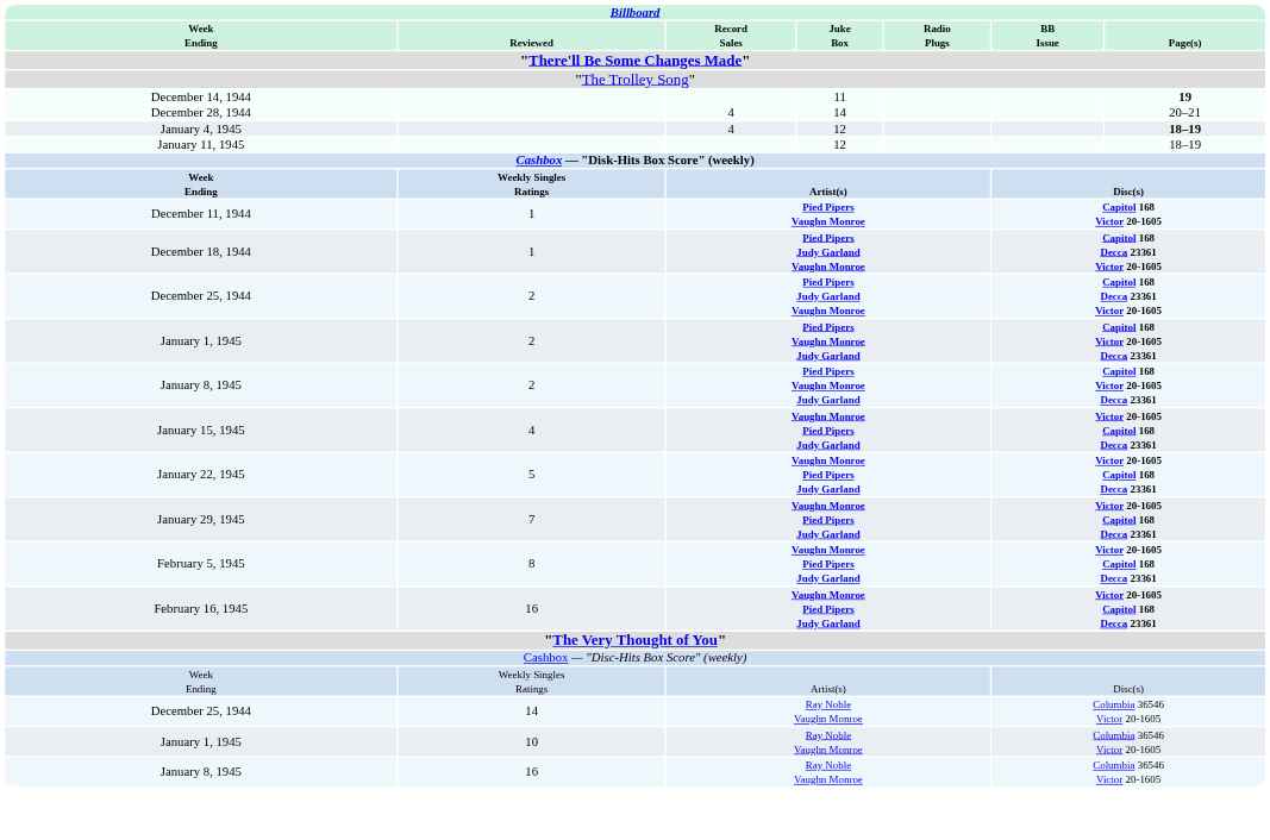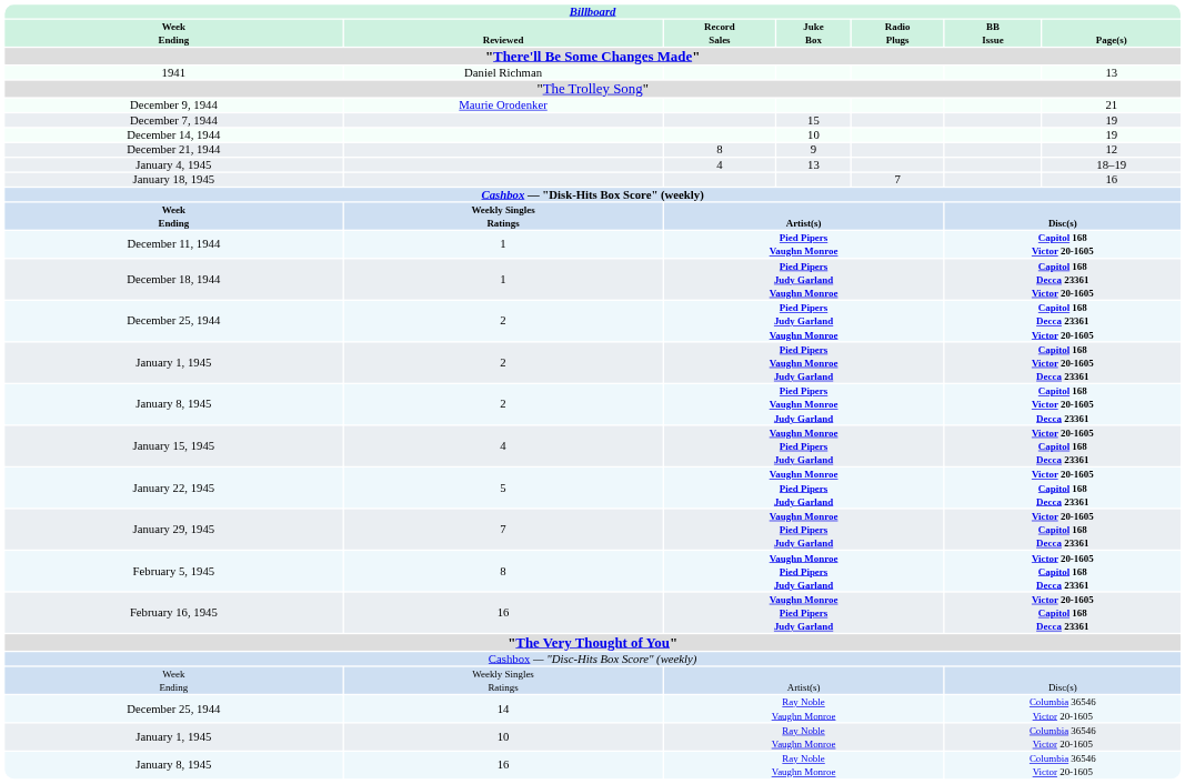 <table width="100%" border="0" cellpadding="0" style="border:0px solid #A3B1BF; ">
 <tr style="vertical-align:bottom; text-align:center;">
 <td colspan=7 style="background:#cef2e0; border:0px solid #a3bfb1; border-radius: 12px 12px 0px 0px;"><strong><em><a href='#'>Billboard</a></em></strong></td>
 </tr>
 <tr style="vertical-align:bottom; text-align:center;">
 <td style="background:#cef2e0;"><strong><small>Week<br>Ending</small></strong></td>
 <td style="color:black; background:#cef2e0;"><strong><small>Reviewed</small></strong></td>
 <td style="color:black; background:#cef2e0;"><strong><small>Record<br>Sales</small></strong></td>
 <td style="color:black; background:#cef2e0;"><strong><small>Juke<br>Box</small></strong></td>
 <td style="color:black; background:#cef2e0;"><strong><small>Radio<br>Plugs</small></strong></td>
 <td style="color:black; background:#cef2e0;"><strong><small>BB<br>Issue</small></strong></td>
 <td style="color:black; background:#cef2e0;"><strong><small>Page(s)</small></strong></td>
 </tr>
 <tr style="vertical-align:bottom; text-align:center;">
 <td colspan=7 style="color: black; background:#ddd"><strong><big>"<a href='#'>There'll Be Some Changes Made</a>"</big><em></td>
 </tr>
 <tr style="vertical-align:bottom; text-align:center;">
+<td style="color:black; background:#f5fffa;">1941</td>
+<td style="color:black; background:#f5fffa;">Daniel Richman</td>
+<td style="color:black; background:#f5fffa;"></td>
+<td style="color:black; background:#f5fffa;"></td>
+<td style="color:black; background:#f5fffa;"></td>
+<td style="color:black; background:#f5fffa;"></td>
+<td style="color:black; background:#f5fffa;">13</td>
+</tr>
+<tr style="vertical-align:bottom; text-align:center;">
 <td colspan=7 style="color: black; background:#ddd; border-radius: 0px 0px 0px 0px;"></strong><big>"<a href='#'>The Trolley Song</a>"</big><strong></td>
+</tr>
+<tr style="vertical-align:bottom; text-align:center;">
+<td style="color:black; background:#f5fffa;">December 9, 1944</td>
+<td style="color:black; background:#f5fffa;"><a href='#'>Maurie Orodenker</a></td>
+<td style="color:black; background:#f5fffa;"></td>
+<td style="color:black; background:#f5fffa;"></td>
+<td style="color:black; background:#f5fffa;"></td>
+<td style="color:black; background:#f5fffa;"></td>
+<td style="color:black; background:#f5fffa;">21</td>
+</tr>
+<tr style="vertical-align:bottom; text-align:center;">
+<td style="color:black; background:#eaeef2;">December 7, 1944</td>
+<td style="color:black; background:#eaeef2;"></td>
+<td style="color:black; background:#eaeef2;"></td>
+<td style="color:black; background:#eaeef2;">15</td>
+<td style="color:black; background:#eaeef2;"></td>
+<td style="color:black; background:#eaeef2;"></td>
+<td style="color:black; background:#eaeef2;">19</td>
 </tr>
 <tr style="vertical-align:bottom; text-align:center;">
 <td style="color:black; background:#f5fffa;">December 14, 1944</td>
 <td style="color:black; background:#f5fffa;"></td>
 <td style="color:black; background:#f5fffa;"></td>
-<td style="color:black; background:#f5fffa;">11</td>
+<td style="color:black; background:#f5fffa;">10</td>
 <td style="color:black; background:#f5fffa;"></td>
 <td style="color:black; background:#f5fffa;"></td>
-<td style="color:black; background:#f5fffa;"><strong>19</strong></td>
+<td style="color:black; background:#f5fffa;">19</td>
 </tr>
 <tr style="vertical-align:bottom; text-align:center;">
-<td style="color:black; background:#f5fffa;">December 28, 1944</td>
-<td style="color:black; background:#f5fffa;"></td>
-<td style="color:black; background:#f5fffa;">4</td>
-<td style="color:black; background:#f5fffa;">14</td>
-<td style="color:black; background:#f5fffa;"></td>
-<td style="color:black; background:#f5fffa;"></td>
-<td style="color:black; background:#f5fffa;">20–21</td>
+<td style="color:black; background:#eaeef2;">December 21, 1944</td>
+<td style="color:black; background:#eaeef2;"></td>
+<td style="color:black; background:#eaeef2;">8</td>
+<td style="color:black; background:#eaeef2;">9</td>
+<td style="color:black; background:#eaeef2;"></td>
+<td style="color:black; background:#eaeef2;"></td>
+<td style="color:black; background:#eaeef2;">12</td>
 </tr>
 <tr style="vertical-align:bottom; text-align:center;">
 <td style="color:black; background:#eaeef2;">January 4, 1945</td>
 <td style="color:black; background:#eaeef2;"></td>
 <td style="color:black; background:#eaeef2;">4</td>
-<td style="color:black; background:#eaeef2;">12</td>
+<td style="color:black; background:#eaeef2;">13</td>
 <td style="color:black; background:#eaeef2;"></td>
 <td style="color:black; background:#eaeef2;"></td>
-<td style="color:black; background:#eaeef2;"><strong>18–19</strong></td>
+<td style="color:black; background:#eaeef2;">18–19</td>
 </tr>
 <tr style="vertical-align:bottom; text-align:center;">
-<td style="color:black; background:#f5fffa;">January 11, 1945</td>
-<td style="color:black; background:#f5fffa;"></td>
-<td style="color:black; background:#f5fffa;"></td>
-<td style="color:black; background:#f5fffa;">12</td>
-<td style="color:black; background:#f5fffa;"></td>
-<td style="color:black; background:#f5fffa;"></td>
-<td style="color:black; background:#f5fffa;">18–19</td>
+<td style="color:black; background:#eaeef2;">January 18, 1945</td>
+<td style="color:black; background:#eaeef2;"></td>
+<td style="color:black; background:#eaeef2;"></td>
+<td style="color:black; background:#eaeef2;"></td>
+<td style="color:black; background:#eaeef2;">7</td>
+<td style="color:black; background:#eaeef2;"></td>
+<td style="color:black; background:#eaeef2;">16</td>
 </tr>
 <tr style="vertical-align:bottom; text-align:center;">
 <td colspan=7 style="background:#cedff2;"><strong><em><a href='#'>Cashbox</a></em> — "Disk-Hits Box Score" (weekly)</strong></td>
 </tr>
 <tr style="vertical-align:bottom; text-align:center;">
 <td style="color:black; background:#cedff2;"><strong><small>Week<br>Ending</small></strong></td>
 <td style="color:black; background:#cedff2;"><strong><small>Weekly Singles<br>Ratings</small></strong></td>
 <td colspan=3 style="color: black; background:#cedff2"><strong><small>Artist(s)</small></strong></td>
 <td colspan=2 style="color: black; background:#cedff2"><strong><small>Disc(s)</small></strong></td>
 </tr>
 <tr style="text-align:center;">
 <td style="color: black; background:#EEF8FC">December 11, 1944</td>
 <td style="color: black; background:#EEF8FC">1</td>
 <td colspan=3 style="color: black; background:#EEF8FC"><strong><small><a href='#'>Pied Pipers</a><br><a href='#'>Vaughn Monroe</a></small></strong></td>
 <td colspan=2 style="color: black; background:#EEF8FC"><strong><small><a href='#'>Capitol</a> 168<br><a href='#'>Victor</a> 20-1605</small></strong></td>
 </tr>
 <tr style="text-align:center;">
 <td style="color: black; background:#EAEEF2">December 18, 1944</td>
 <td style="color: black; background:#EAEEF2">1</td>
 <td colspan=3 style="color: black; background:#EAEEF2"><strong><small><a href='#'>Pied Pipers</a><br><a href='#'>Judy Garland</a><br><a href='#'>Vaughn Monroe</a></small></strong></td>
 <td colspan=2 style="color: black; background:#EAEEF2"><strong><small><a href='#'>Capitol</a> 168<br><a href='#'>Decca</a> 23361<br><a href='#'>Victor</a> 20-1605</small></strong></td>
 </tr>
 <tr style="text-align:center;">
 <td style="color: black; background:#EEF8FC">December 25, 1944</td>
 <td style="color: black; background:#EEF8FC">2</td>
 <td colspan=3 style="color: black; background:#EEF8FC"><strong><small><a href='#'>Pied Pipers</a><br><a href='#'>Judy Garland</a><br><a href='#'>Vaughn Monroe</a></small></strong></td>
 <td colspan=2 style="color: black; background:#EEF8FC"><strong><small><a href='#'>Capitol</a> 168<br><a href='#'>Decca</a> 23361<br><a href='#'>Victor</a> 20-1605</small></strong></td>
 </tr>
 <tr style="text-align:center;">
 <td style="color: black; background:#EAEEF2">January 1, 1945</td>
 <td style="color: black; background:#EAEEF2">2</td>
 <td colspan=3 style="color: black; background:#EAEEF2"><strong><small><a href='#'>Pied Pipers</a><br><a href='#'>Vaughn Monroe</a><br><a href='#'>Judy Garland</a></small></strong></td>
 <td colspan=2 style="color: black; background:#EAEEF2"><strong><small><a href='#'>Capitol</a> 168<br><a href='#'>Victor</a> 20-1605<br><a href='#'>Decca</a> 23361</small></strong></td>
 </tr>
 <tr style="text-align:center;">
 <td style="color: black; background:#EEF8FC">January 8, 1945</td>
 <td style="color: black; background:#EEF8FC">2</td>
 <td colspan=3 style="color: black; background:#EEF8FC"><strong><small><a href='#'>Pied Pipers</a><br><a href='#'>Vaughn Monroe</a><br><a href='#'>Judy Garland</a></small></strong></td>
 <td colspan=2 style="color: black; background:#EEF8FC"><strong><small><a href='#'>Capitol</a> 168<br><a href='#'>Victor</a> 20-1605<br><a href='#'>Decca</a> 23361</small></strong></td>
 </tr>
 <tr style="text-align:center;">
 <td style="color: black; background:#EAEEF2">January 15, 1945</td>
 <td style="color: black; background:#EAEEF2">4</td>
 <td colspan=3 style="color: black; background:#EAEEF2"><strong><small><a href='#'>Vaughn Monroe</a><br><a href='#'>Pied Pipers</a><br><a href='#'>Judy Garland</a></small></strong></td>
 <td colspan=2 style="color: black; background:#EAEEF2"><strong><small><a href='#'>Victor</a> 20-1605<br><a href='#'>Capitol</a> 168<br><a href='#'>Decca</a> 23361</small></strong></td>
 </tr>
 <tr style="text-align:center;">
 <td style="color: black; background:#EEF8FC">January 22, 1945</td>
 <td style="color: black; background:#EEF8FC">5</td>
 <td colspan=3 style="color: black; background:#EEF8FC"><strong><small><a href='#'>Vaughn Monroe</a><br><a href='#'>Pied Pipers</a><br><a href='#'>Judy Garland</a></small></strong></td>
 <td colspan=2 style="color: black; background:#EEF8FC"><strong><small><a href='#'>Victor</a> 20-1605<br><a href='#'>Capitol</a> 168<br><a href='#'>Decca</a> 23361</small></strong></td>
 </tr>
 <tr style="text-align:center;">
 <td style="color: black; background:#EAEEF2; border-radius: 0px 0px 0px 0px;">January 29, 1945</td>
 <td style="color: black; background:#EAEEF2">7</td>
 <td colspan=3 style="color: black; background:#EAEEF2"><strong><small><a href='#'>Vaughn Monroe</a><br><a href='#'>Pied Pipers</a><br><a href='#'>Judy Garland</a></small></strong></td>
 <td colspan=2 style="color: black; background:#EAEEF2"><strong><small><a href='#'>Victor</a> 20-1605<br><a href='#'>Capitol</a> 168<br><a href='#'>Decca</a> 23361</small></strong></td>
 </tr>
 <tr style="text-align:center;">
 <td style="color: black; background:#EEF8FC">February 5, 1945</td>
 <td style="color: black; background:#EEF8FC">8</td>
 <td colspan=3 style="color: black; background:#EEF8FC"><strong><small><a href='#'>Vaughn Monroe</a><br><a href='#'>Pied Pipers</a><br><a href='#'>Judy Garland</a></small></strong></td>
 <td colspan=2 style="color: black; background:#EEF8FC"><strong><small><a href='#'>Victor</a> 20-1605<br><a href='#'>Capitol</a> 168<br><a href='#'>Decca</a> 23361</small></strong></td>
 </tr>
 <tr style="text-align:center;">
 <td style="color: black; background:#EAEEF2; border-radius: 0px 0px 0px 0px;">February 16, 1945</td>
 <td style="color: black; background:#EAEEF2">16</td>
 <td colspan=3 style="color: black; background:#EAEEF2"><strong><small><a href='#'>Vaughn Monroe</a><br><a href='#'>Pied Pipers</a><br><a href='#'>Judy Garland</a></small></strong></td>
 <td colspan=2 style="color: black; background:#EAEEF2"><strong><small><a href='#'>Victor</a> 20-1605<br><a href='#'>Capitol</a> 168<br><a href='#'>Decca</a> 23361</small></strong></td>
 </tr>
 <tr style="vertical-align:bottom; text-align:center;">
 <td colspan=7 style="color: black; background:#ddd; border-radius: 0px 0px 0px 0px;"><strong><big>"<a href='#'>The Very Thought of You</a>"</big></strong></td>
 </tr>
 <tr style="vertical-align:bottom; text-align:center;">
 <td colspan=7 style="background:#cedff2;"></em></strong><a href='#'>Cashbox</a><em> — "Disc-Hits Box Score" (weekly)<strong></td>
 </tr>
 <tr style="vertical-align:bottom; text-align:center;">
 <td style="color:black; background:#cedff2;"></strong><small>Week<br>Ending</small><strong></td>
 <td style="color:black; background:#cedff2;"></strong><small>Weekly Singles<br>Ratings</small><strong></td>
 <td colspan=3 style="color: black; background:#cedff2"></strong><small>Artist(s)</small><strong></td>
 <td colspan=2 style="color: black; background:#cedff2"></strong><small>Disc(s)</small><strong></td>
 </tr>
 <tr style="text-align:center;">
 <td style="color: black; background:#EEF8FC">December 25, 1944</td>
 <td style="color: black; background:#EEF8FC">14</td>
 <td colspan=3 style="color: black; background:#EEF8FC"></strong><small><a href='#'>Ray Noble</a><br><a href='#'>Vaughn Monroe</a></small><strong></td>
 <td colspan=2 style="color: black; background:#EEF8FC"></strong><small><a href='#'>Columbia</a> 36546<br><a href='#'>Victor</a> 20-1605</small><strong></td>
 </tr>
 <tr style="text-align:center;">
 <td style="color: black; background:#EAEEF2">January 1, 1945</td>
 <td style="color: black; background:#EAEEF2">10</td>
 <td colspan=3 style="color: black; background:#EAEEF2"></strong><small><a href='#'>Ray Noble</a><br><a href='#'>Vaughn Monroe</a></small><strong></td>
 <td colspan=2 style="color: black; background:#EAEEF2"></strong><small><a href='#'>Columbia</a> 36546<br><a href='#'>Victor</a> 20-1605</small><strong></td>
 </tr>
 <tr style="text-align:center;">
 <td style="color: black; background:#EEF8FC; border-radius: 0px 0px 0px 12px;">January 8, 1945</td>
 <td style="color: black; background:#EEF8FC">16</td>
 <td colspan=3 style="color: black; background:#EEF8FC"></strong><small><a href='#'>Ray Noble</a><br><a href='#'>Vaughn Monroe</a></small><strong></td>
 <td colspan=2 style="color: black; background:#EEF8FC; border-radius: 0px 0px 12px 0px;"></strong><small><a href='#'>Columbia</a> 36546<br><a href='#'>Victor</a> 20-1605</small><strong></td>
 </tr>
 </table>
